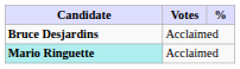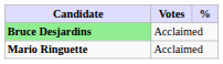 <table class="wikitable">
 <tr>
 <th style="background:#ddf; width:200px;">Candidate</th>
 <th style="background:#ddf; width:50px;">Votes</th>
 <th style="background:#ddf; width:30px;">%</th>
 </tr>
 <tr>
-<td><strong>Bruce Desjardins</strong></td>
+<td style="background: lightgreen;"><strong>Bruce Desjardins</strong></td>
 <td colspan="2">Acclaimed</td>
 </tr>
 <tr>
-<td style="background: paleturquoise;"><strong>Mario Ringuette</strong></td>
+<td><strong>Mario Ringuette</strong></td>
 <td colspan="2">Acclaimed</td>
 </tr>
 </table>
